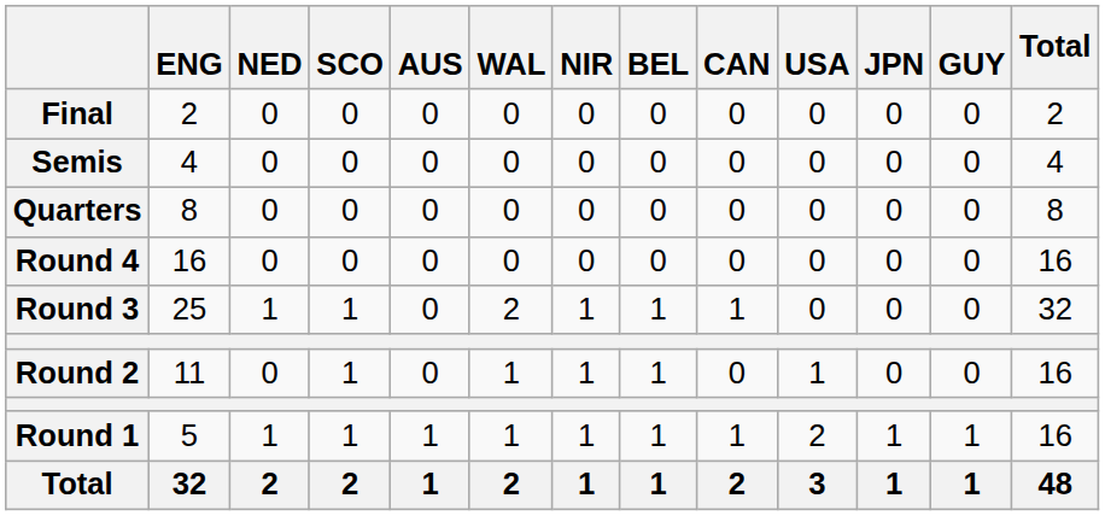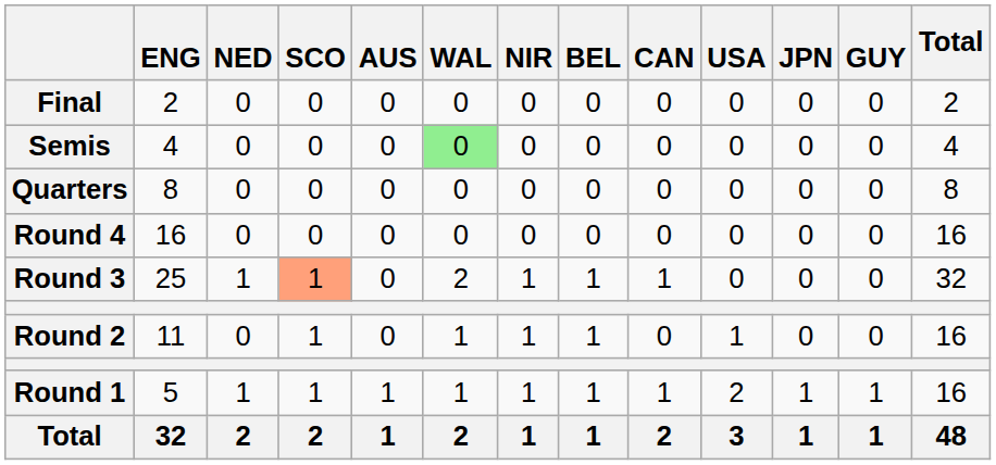 <table class="wikitable">
 <tr>
 <th></th>
 <th> <br>ENG</th>
 <th> <br>NED</th>
 <th> <br>SCO</th>
 <th> <br>AUS</th>
 <th> <br>WAL</th>
 <th> <br>NIR</th>
 <th> <br>BEL</th>
 <th> <br>CAN</th>
 <th> <br>USA</th>
 <th> <br>JPN</th>
 <th> <br>GUY</th>
 <th>Total</th>
 </tr>
 <tr align="center">
 <th>Final</th>
 <td>2</td>
 <td>0</td>
 <td>0</td>
 <td>0</td>
 <td>0</td>
 <td>0</td>
 <td>0</td>
 <td>0</td>
 <td>0</td>
 <td>0</td>
 <td>0</td>
 <td>2</td>
 </tr>
 <tr align="center">
 <th>Semis</th>
 <td>4</td>
 <td>0</td>
 <td>0</td>
 <td>0</td>
-<td>0</td>
+<td style="background: lightgreen;">0</td>
 <td>0</td>
 <td>0</td>
 <td>0</td>
 <td>0</td>
 <td>0</td>
 <td>0</td>
 <td>4</td>
 </tr>
 <tr align="center">
 <th>Quarters</th>
 <td>8</td>
 <td>0</td>
 <td>0</td>
 <td>0</td>
 <td>0</td>
 <td>0</td>
 <td>0</td>
 <td>0</td>
 <td>0</td>
 <td>0</td>
 <td>0</td>
 <td>8</td>
 </tr>
 <tr align="center">
 <th>Round 4</th>
 <td>16</td>
 <td>0</td>
 <td>0</td>
 <td>0</td>
 <td>0</td>
 <td>0</td>
 <td>0</td>
 <td>0</td>
 <td>0</td>
 <td>0</td>
 <td>0</td>
 <td>16</td>
 </tr>
 <tr align="center">
 <th>Round 3</th>
 <td>25</td>
 <td>1</td>
-<td>1</td>
+<td style="background: lightsalmon;">1</td>
 <td>0</td>
 <td>2</td>
 <td>1</td>
 <td>1</td>
 <td>1</td>
 <td>0</td>
 <td>0</td>
 <td>0</td>
 <td>32</td>
 </tr>
 <tr align="center">
 <th colspan=26></th>
 </tr>
 <tr align="center">
 <th>Round 2</th>
 <td>11</td>
 <td>0</td>
 <td>1</td>
 <td>0</td>
 <td>1</td>
 <td>1</td>
 <td>1</td>
 <td>0</td>
 <td>1</td>
 <td>0</td>
 <td>0</td>
 <td>16</td>
 </tr>
 <tr align="center">
 <th colspan=26></th>
 </tr>
 <tr align="center">
 <th>Round 1</th>
 <td>5</td>
 <td>1</td>
 <td>1</td>
 <td>1</td>
 <td>1</td>
 <td>1</td>
 <td>1</td>
 <td>1</td>
 <td>2</td>
 <td>1</td>
 <td>1</td>
 <td>16</td>
 </tr>
 <tr>
 <th>Total</th>
 <th>32</th>
 <th>2</th>
 <th>2</th>
 <th>1</th>
 <th>2</th>
 <th>1</th>
 <th>1</th>
 <th>2</th>
 <th>3</th>
 <th>1</th>
 <th>1</th>
 <th>48</th>
 </tr>
 </table>
